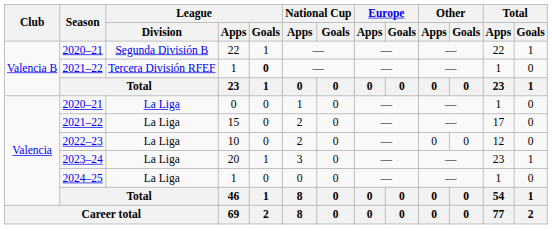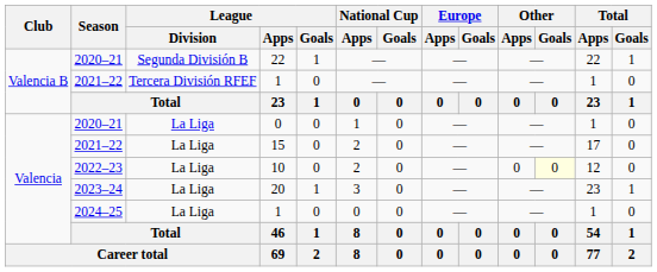 <table class="wikitable" style="text-align:center">
 <tr>
 <th rowspan="2">Club</th>
 <th rowspan="2">Season</th>
 <th colspan="3">League</th>
 <th colspan="2">National Cup</th>
 <th colspan="2"><a href='#'>Europe</a></th>
 <th colspan="2">Other</th>
 <th colspan="2">Total</th>
 </tr>
 <tr>
 <th>Division</th>
 <th>Apps</th>
 <th>Goals</th>
 <th>Apps</th>
 <th>Goals</th>
 <th>Apps</th>
 <th>Goals</th>
 <th>Apps</th>
 <th>Goals</th>
 <th>Apps</th>
 <th>Goals</th>
 </tr>
 <tr>
 <td rowspan="3"><a href='#'>Valencia B</a></td>
 <td><a href='#'>2020–21</a></td>
 <td><a href='#'>Segunda División B</a></td>
 <td>22</td>
 <td>1</td>
 <td colspan="2">—</td>
 <td colspan="2">—</td>
 <td colspan="2">—</td>
 <td>22</td>
 <td>1</td>
 </tr>
 <tr>
 <td><a href='#'>2021–22</a></td>
 <td><a href='#'>Tercera División RFEF</a></td>
 <td>1</td>
-<td><strong>0</strong></td>
+<td>0</td>
 <td colspan="2">—</td>
 <td colspan="2">—</td>
 <td colspan="2">—</td>
 <td>1</td>
 <td>0</td>
 </tr>
 <tr>
 <th colspan=2>Total</th>
 <th>23</th>
 <th>1</th>
 <th>0</th>
 <th>0</th>
 <th>0</th>
 <th>0</th>
 <th>0</th>
 <th>0</th>
 <th>23</th>
 <th>1</th>
 </tr>
 <tr>
 <td rowspan="6"><a href='#'>Valencia</a></td>
 <td><a href='#'>2020–21</a></td>
 <td><a href='#'>La Liga</a></td>
 <td>0</td>
 <td>0</td>
 <td>1</td>
 <td>0</td>
 <td colspan="2">—</td>
 <td colspan="2">—</td>
 <td>1</td>
 <td>0</td>
 </tr>
 <tr>
 <td><a href='#'>2021–22</a></td>
 <td>La Liga</td>
 <td>15</td>
 <td>0</td>
 <td>2</td>
 <td>0</td>
 <td colspan="2">—</td>
 <td colspan="2">—</td>
 <td>17</td>
 <td>0</td>
 </tr>
 <tr>
 <td><a href='#'>2022–23</a></td>
 <td>La Liga</td>
 <td>10</td>
 <td>0</td>
 <td>2</td>
 <td>0</td>
 <td colspan="2">—</td>
 <td>0</td>
-<td>0</td>
+<td style="background: lightyellow;">0</td>
 <td>12</td>
 <td>0</td>
 </tr>
 <tr>
 <td><a href='#'>2023–24</a></td>
 <td>La Liga</td>
 <td>20</td>
 <td>1</td>
 <td>3</td>
 <td>0</td>
 <td colspan="2">—</td>
 <td colspan="2">—</td>
 <td>23</td>
 <td>1</td>
 </tr>
 <tr>
 <td><a href='#'>2024–25</a></td>
 <td>La Liga</td>
 <td>1</td>
 <td>0</td>
 <td>0</td>
 <td>0</td>
 <td colspan="2">—</td>
 <td colspan="2">—</td>
 <td>1</td>
 <td>0</td>
 </tr>
 <tr>
 <th colspan=2>Total</th>
 <th>46</th>
 <th>1</th>
 <th>8</th>
 <th>0</th>
 <th>0</th>
 <th>0</th>
 <th>0</th>
 <th>0</th>
 <th>54</th>
 <th>1</th>
 </tr>
 <tr>
 <th colspan="3">Career total</th>
 <th>69</th>
 <th>2</th>
 <th>8</th>
 <th>0</th>
 <th>0</th>
 <th>0</th>
 <th>0</th>
 <th>0</th>
 <th>77</th>
 <th>2</th>
 </tr>
 </table>
